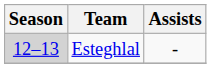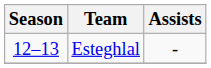 <table class="wikitable" style="text-align: center;">
 <tr>
 <th>Season</th>
 <th>Team</th>
 <th>Assists</th>
 </tr>
 <tr>
-<td style="background: lightgrey;"><a href='#'>12–13</a></td>
+<td><a href='#'>12–13</a></td>
 <td align="left"><a href='#'>Esteghlal</a></td>
 <td>-</td>
 </tr>
 <tr>
 </tr>
 </table>
